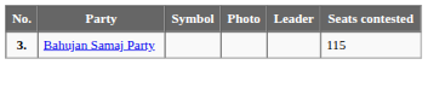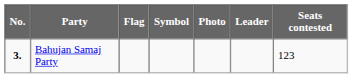 <table class="sortable" width="40%" border="2" cellpadding="6" cellspacing="0" style="margin: 1em 1em 1em 0; background: #f9f9f9; border: 1px #aaa solid">
 <tr>
 <th style="background-color:#666666; color:white">No.</th>
 <th style="background-color:#666666; color:white">Party</th>
+<th style="background-color:#666666; color:white">Flag</th>
 <th style="background-color:#666666; color:white">Symbol</th>
 <th style="background-color:#666666; color:white">Photo</th>
 <th style="background-color:#666666; color:white">Leader</th>
 <th style="background-color:#666666; color:white">Seats contested</th>
 </tr>
 <tr>
 <td style="text-align:center; background:"><strong>3.</strong></td>
 <td><a href='#'>Bahujan Samaj Party</a></td>
 <td></td>
 <td></td>
 <td></td>
-<td>115</td>
+<td></td>
+<td>123</td>
 </tr>
 </table>
